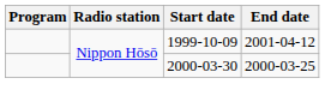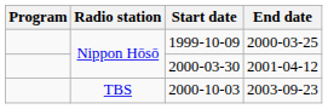 <table class="wikitable">
 <tr>
 <th>Program</th>
 <th>Radio station</th>
 <th>Start date</th>
 <th>End date</th>
 </tr>
 <tr>
 <td></td>
 <td rowspan="2" align="center"><a href='#'>Nippon Hōsō</a></td>
 <td align="right">1999-10-09</td>
+<td align="right">2000-03-25</td>
+</tr>
+<tr>
+<td></td>
+<td align="right">2000-03-30</td>
 <td align="right">2001-04-12</td>
 </tr>
 <tr>
 <td></td>
-<td align="right">2000-03-30</td>
-<td align="right">2000-03-25</td>
+<td align="center"><a href='#'>TBS</a></td>
+<td align="right">2000-10-03</td>
+<td align="right">2003-09-23</td>
 </tr>
 </table>
